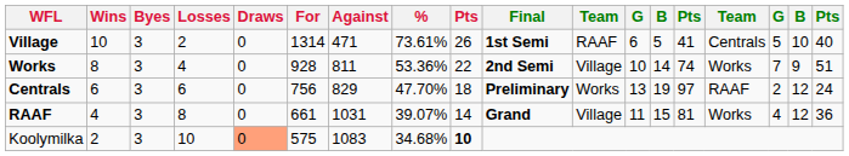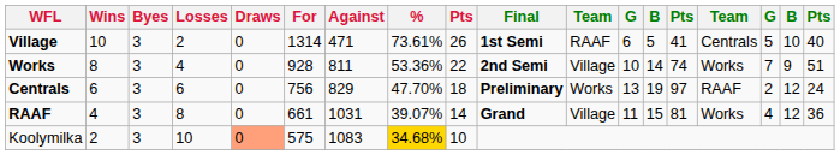 <table class="wikitable">
 <tr>
 <th style="color:crimson">WFL</th>
 <th style="color:crimson">Wins</th>
 <th style="color:crimson">Byes</th>
 <th style="color:crimson">Losses</th>
 <th style="color:crimson">Draws</th>
 <th style="color:crimson">For</th>
 <th style="color:crimson">Against</th>
 <th style="color:crimson">%</th>
 <th style="color:crimson">Pts</th>
 <th style="color:green">Final</th>
 <th style="color:green">Team</th>
 <th style="color:green">G</th>
 <th style="color:green">B</th>
 <th style="color:green">Pts</th>
 <th style="color:green">Team</th>
 <th style="color:green">G</th>
 <th style="color:green">B</th>
 <th style="color:green">Pts</th>
 </tr>
 <tr>
 <td><strong>	Village	</strong></td>
 <td>10</td>
 <td>3</td>
 <td>2</td>
 <td>0</td>
 <td>1314</td>
 <td>471</td>
 <td>73.61%</td>
 <td>26</td>
 <td><strong>1st Semi</strong></td>
 <td>RAAF</td>
 <td>6</td>
 <td>5</td>
 <td>41</td>
 <td>Centrals</td>
 <td>5</td>
 <td>10</td>
 <td>40</td>
 </tr>
 <tr>
 <td><strong>	Works	</strong></td>
 <td>8</td>
 <td>3</td>
 <td>4</td>
 <td>0</td>
 <td>928</td>
 <td>811</td>
 <td>53.36%</td>
 <td>22</td>
 <td><strong>2nd Semi</strong></td>
 <td>Village</td>
 <td>10</td>
 <td>14</td>
 <td>74</td>
 <td>Works</td>
 <td>7</td>
 <td>9</td>
 <td>51</td>
 </tr>
 <tr>
 <td><strong>	Centrals	</strong></td>
 <td>6</td>
 <td>3</td>
 <td>6</td>
 <td>0</td>
 <td>756</td>
 <td>829</td>
 <td>47.70%</td>
 <td>18</td>
 <td><strong>Preliminary</strong></td>
 <td>Works</td>
 <td>13</td>
 <td>19</td>
 <td>97</td>
 <td>RAAF</td>
 <td>2</td>
 <td>12</td>
 <td>24</td>
 </tr>
 <tr>
 <td><strong>	RAAF	</strong></td>
 <td>4</td>
 <td>3</td>
 <td>8</td>
 <td>0</td>
 <td>661</td>
 <td>1031</td>
 <td>39.07%</td>
 <td>14</td>
 <td><strong>Grand</strong></td>
 <td>Village</td>
 <td>11</td>
 <td>15</td>
 <td>81</td>
 <td>Works</td>
 <td>4</td>
 <td>12</td>
 <td>36</td>
 </tr>
 <tr>
 <td>Koolymilka</td>
 <td>2</td>
 <td>3</td>
 <td>10</td>
 <td style="background: lightsalmon;">0</td>
 <td>575</td>
 <td>1083</td>
-<td>34.68%</td>
-<td><strong>10</strong></td>
+<td style="background: gold;">34.68%</td>
+<td>10</td>
 </tr>
 </table>
